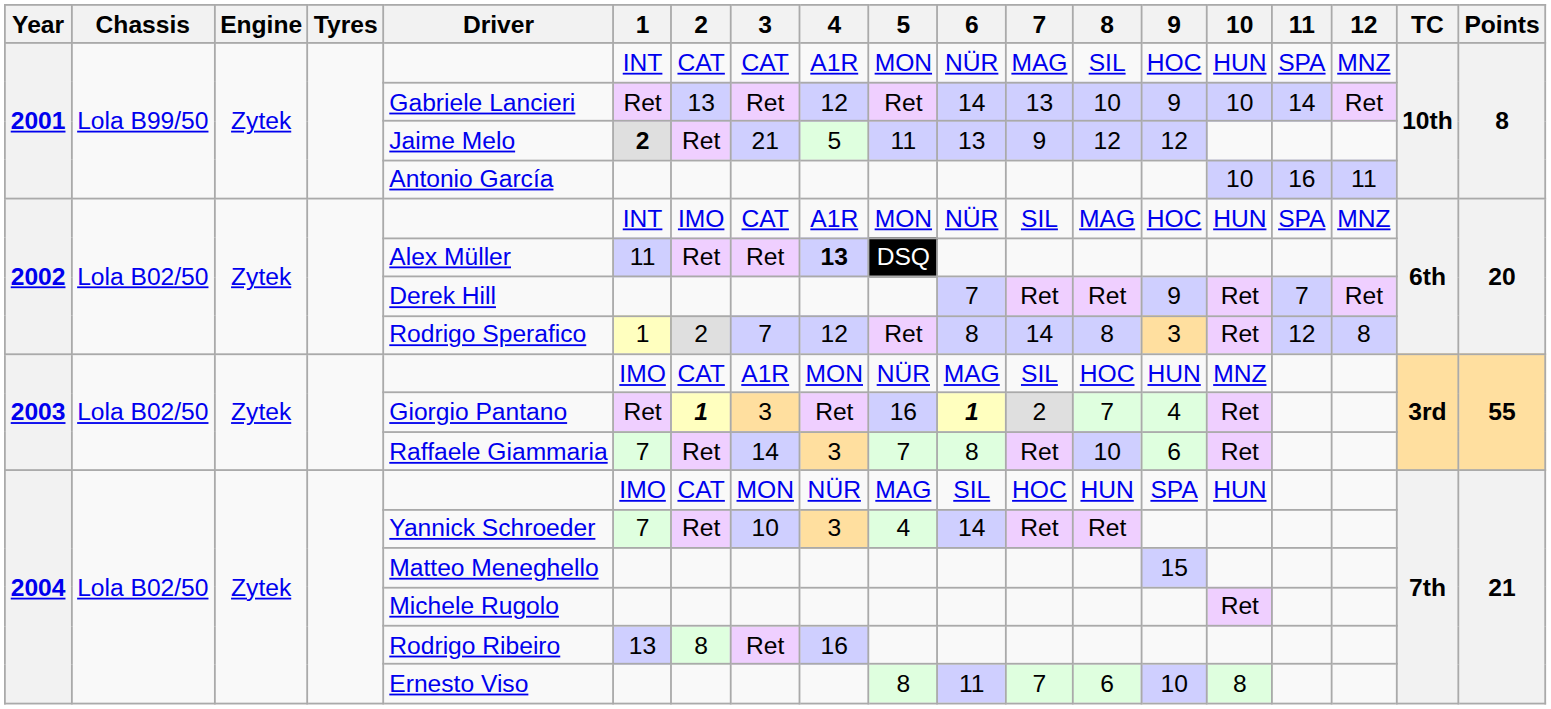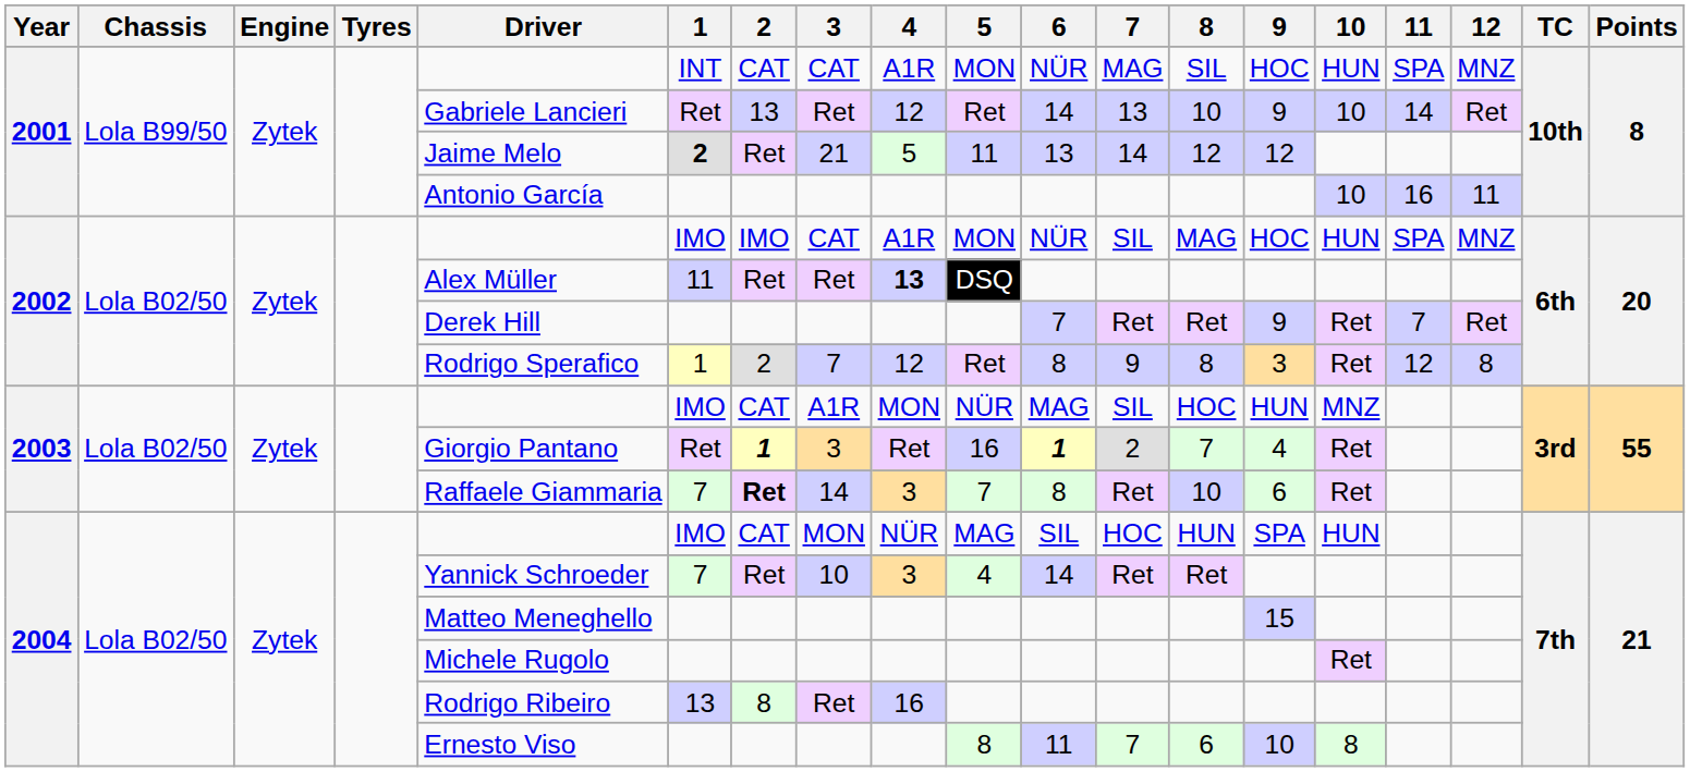 <table class="wikitable" style="text-align:center; font-size:85%">
 <tr>
 <th>Year</th>
 <th>Chassis</th>
 <th>Engine</th>
 <th>Tyres</th>
 <th>Driver</th>
 <th>1</th>
 <th>2</th>
 <th>3</th>
 <th>4</th>
 <th>5</th>
 <th>6</th>
 <th>7</th>
 <th>8</th>
 <th>9</th>
 <th>10</th>
 <th>11</th>
 <th>12</th>
 <th>TC</th>
 <th>Points</th>
 </tr>
 <tr>
 <th rowspan="4"><a href='#'>2001</a></th>
 <td rowspan="4"><a href='#'>Lola B99/50</a></td>
 <td rowspan="4"><a href='#'>Zytek</a></td>
 <td rowspan="4"></td>
 <td></td>
 <td><a href='#'>INT</a></td>
 <td><a href='#'>CAT</a></td>
 <td><a href='#'>CAT</a></td>
 <td><a href='#'>A1R</a></td>
 <td><a href='#'>MON</a></td>
 <td><a href='#'>NÜR</a></td>
 <td><a href='#'>MAG</a></td>
 <td><a href='#'>SIL</a></td>
 <td><a href='#'>HOC</a></td>
 <td><a href='#'>HUN</a></td>
 <td><a href='#'>SPA</a></td>
 <td><a href='#'>MNZ</a></td>
 <th rowspan="4">10th</th>
 <th rowspan="4">8</th>
 </tr>
 <tr>
 <td align="left"> <a href='#'>Gabriele Lancieri</a></td>
 <td style="background:#EFCFFF;">Ret</td>
 <td style="background:#CFCFFF;">13</td>
 <td style="background:#EFCFFF;">Ret</td>
 <td style="background:#CFCFFF;">12</td>
 <td style="background:#EFCFFF;">Ret</td>
 <td style="background:#CFCFFF;">14</td>
 <td style="background:#CFCFFF;">13</td>
 <td style="background:#CFCFFF;">10</td>
 <td style="background:#CFCFFF;">9</td>
 <td style="background:#CFCFFF;">10</td>
 <td style="background:#CFCFFF;">14</td>
 <td style="background:#EFCFFF;">Ret</td>
 </tr>
 <tr>
 <td align="left"> <a href='#'>Jaime Melo</a></td>
 <td style="background:#DFDFDF;"><strong>2</strong></td>
 <td style="background:#EFCFFF;">Ret</td>
 <td style="background:#CFCFFF;">21</td>
 <td style="background:#DFFFDF;">5</td>
 <td style="background:#CFCFFF;">11</td>
 <td style="background:#CFCFFF;">13</td>
-<td style="background:#CFCFFF;">9</td>
+<td style="background:#CFCFFF;">14</td>
 <td style="background:#CFCFFF;">12</td>
 <td style="background:#CFCFFF;">12</td>
 <td></td>
 <td></td>
 <td></td>
 </tr>
 <tr>
 <td align="left"> <a href='#'>Antonio García</a></td>
 <td></td>
 <td></td>
 <td></td>
 <td></td>
 <td></td>
 <td></td>
 <td></td>
 <td></td>
 <td></td>
 <td style="background:#CFCFFF;">10</td>
 <td style="background:#CFCFFF;">16</td>
 <td style="background:#CFCFFF;">11</td>
 </tr>
 <tr>
 <th rowspan="4"><a href='#'>2002</a></th>
 <td rowspan="4"><a href='#'>Lola B02/50</a></td>
 <td rowspan="4"><a href='#'>Zytek</a></td>
 <td rowspan="4"></td>
 <td></td>
-<td><a href='#'>INT</a></td>
+<td><a href='#'>IMO</a></td>
 <td><a href='#'>IMO</a></td>
 <td><a href='#'>CAT</a></td>
 <td><a href='#'>A1R</a></td>
 <td><a href='#'>MON</a></td>
 <td><a href='#'>NÜR</a></td>
 <td><a href='#'>SIL</a></td>
 <td><a href='#'>MAG</a></td>
 <td><a href='#'>HOC</a></td>
 <td><a href='#'>HUN</a></td>
 <td><a href='#'>SPA</a></td>
 <td><a href='#'>MNZ</a></td>
 <th rowspan="4">6th</th>
 <th rowspan="4">20</th>
 </tr>
 <tr>
 <td align="left"> <a href='#'>Alex Müller</a></td>
 <td style="background:#CFCFFF;">11</td>
 <td style="background:#EFCFFF;">Ret</td>
 <td style="background:#EFCFFF;">Ret</td>
 <td style="background:#CFCFFF;"><strong>13</strong></td>
 <td style="background:#000000; color:#ffffff">DSQ</td>
 <td></td>
 <td></td>
 <td></td>
 <td></td>
 <td></td>
 <td></td>
 <td></td>
 </tr>
 <tr>
 <td align="left"> <a href='#'>Derek Hill</a></td>
 <td></td>
 <td></td>
 <td></td>
 <td></td>
 <td></td>
 <td style="background:#CFCFFF;">7</td>
 <td style="background:#EFCFFF;">Ret</td>
 <td style="background:#EFCFFF;">Ret</td>
 <td style="background:#CFCFFF;">9</td>
 <td style="background:#EFCFFF;">Ret</td>
 <td style="background:#CFCFFF;">7</td>
 <td style="background:#EFCFFF;">Ret</td>
 </tr>
 <tr>
 <td align="left"> <a href='#'>Rodrigo Sperafico</a></td>
 <td style="background:#FFFFBF;">1</td>
 <td style="background:#DFDFDF;">2</td>
 <td style="background:#CFCFFF;">7</td>
 <td style="background:#CFCFFF;">12</td>
 <td style="background:#EFCFFF;">Ret</td>
 <td style="background:#CFCFFF;">8</td>
-<td style="background:#CFCFFF;">14</td>
+<td style="background:#CFCFFF;">9</td>
 <td style="background:#CFCFFF;">8</td>
 <td style="background:#FFDF9F;">3</td>
 <td style="background:#EFCFFF;">Ret</td>
 <td style="background:#CFCFFF;">12</td>
 <td style="background:#CFCFFF;">8</td>
 </tr>
 <tr>
 <th rowspan="3"><a href='#'>2003</a></th>
 <td rowspan="3"><a href='#'>Lola B02/50</a></td>
 <td rowspan="3"><a href='#'>Zytek</a></td>
 <td rowspan="3"></td>
 <td></td>
 <td><a href='#'>IMO</a></td>
 <td><a href='#'>CAT</a></td>
 <td><a href='#'>A1R</a></td>
 <td><a href='#'>MON</a></td>
 <td><a href='#'>NÜR</a></td>
 <td><a href='#'>MAG</a></td>
 <td><a href='#'>SIL</a></td>
 <td><a href='#'>HOC</a></td>
 <td><a href='#'>HUN</a></td>
 <td><a href='#'>MNZ</a></td>
 <td></td>
 <td></td>
 <th rowspan="3" style="background:#FFDF9F;">3rd</th>
 <th rowspan="3" style="background:#FFDF9F;">55</th>
 </tr>
 <tr>
 <td align="left"> <a href='#'>Giorgio Pantano</a></td>
 <td style="background:#EFCFFF;">Ret</td>
 <td style="background:#FFFFBF;"><strong><em>1</em></strong></td>
 <td style="background:#FFDF9F;">3</td>
 <td style="background:#EFCFFF;">Ret</td>
 <td style="background:#CFCFFF;">16</td>
 <td style="background:#FFFFBF;"><strong><em>1</em></strong></td>
 <td style="background:#DFDFDF;">2</td>
 <td style="background:#DFFFDF;">7</td>
 <td style="background:#DFFFDF;">4</td>
 <td style="background:#EFCFFF;">Ret</td>
 <td></td>
 <td></td>
 </tr>
 <tr>
 <td align="left"> <a href='#'>Raffaele Giammaria</a></td>
 <td style="background:#DFFFDF;">7</td>
-<td style="background:#EFCFFF;">Ret</td>
+<td style="background:#EFCFFF;"><strong>Ret</strong></td>
 <td style="background:#CFCFFF;">14</td>
 <td style="background:#FFDF9F;">3</td>
 <td style="background:#DFFFDF;">7</td>
 <td style="background:#DFFFDF;">8</td>
 <td style="background:#EFCFFF;">Ret</td>
 <td style="background:#CFCFFF;">10</td>
 <td style="background:#DFFFDF;">6</td>
 <td style="background:#EFCFFF;">Ret</td>
 <td></td>
 <td></td>
 </tr>
 <tr>
 <th rowspan="6"><a href='#'>2004</a></th>
 <td rowspan="6"><a href='#'>Lola B02/50</a></td>
 <td rowspan="6"><a href='#'>Zytek</a></td>
 <td rowspan="6"></td>
 <td></td>
 <td><a href='#'>IMO</a></td>
 <td><a href='#'>CAT</a></td>
 <td><a href='#'>MON</a></td>
 <td><a href='#'>NÜR</a></td>
 <td><a href='#'>MAG</a></td>
 <td><a href='#'>SIL</a></td>
 <td><a href='#'>HOC</a></td>
 <td><a href='#'>HUN</a></td>
 <td><a href='#'>SPA</a></td>
 <td><a href='#'>HUN</a></td>
 <td></td>
 <td></td>
 <th rowspan="6">7th</th>
 <th rowspan="6">21</th>
 </tr>
 <tr>
 <td align="left"> <a href='#'>Yannick Schroeder</a></td>
 <td style="background:#DFFFDF;">7</td>
 <td style="background:#EFCFFF;">Ret</td>
 <td style="background:#CFCFFF;">10</td>
 <td style="background:#FFDF9F;">3</td>
 <td style="background:#DFFFDF;">4</td>
 <td style="background:#CFCFFF;">14</td>
 <td style="background:#EFCFFF;">Ret</td>
 <td style="background:#EFCFFF;">Ret</td>
 <td></td>
 <td></td>
 <td></td>
 <td></td>
 </tr>
 <tr>
 <td align="left"> <a href='#'>Matteo Meneghello</a></td>
 <td></td>
 <td></td>
 <td></td>
 <td></td>
 <td></td>
 <td></td>
 <td></td>
 <td></td>
 <td style="background:#CFCFFF;">15</td>
 <td></td>
 <td></td>
 <td></td>
 </tr>
 <tr>
 <td align="left"> <a href='#'>Michele Rugolo</a></td>
 <td></td>
 <td></td>
 <td></td>
 <td></td>
 <td></td>
 <td></td>
 <td></td>
 <td></td>
 <td></td>
 <td style="background:#EFCFFF;">Ret</td>
 <td></td>
 <td></td>
 </tr>
 <tr>
 <td align="left"> <a href='#'>Rodrigo Ribeiro</a></td>
 <td style="background:#CFCFFF;">13</td>
 <td style="background:#DFFFDF;">8</td>
 <td style="background:#EFCFFF;">Ret</td>
 <td style="background:#CFCFFF;">16</td>
 <td></td>
 <td></td>
 <td></td>
 <td></td>
 <td></td>
 <td></td>
 <td></td>
 <td></td>
 </tr>
 <tr>
 <td align="left"> <a href='#'>Ernesto Viso</a></td>
 <td></td>
 <td></td>
 <td></td>
 <td></td>
 <td style="background:#DFFFDF;">8</td>
 <td style="background:#CFCFFF;">11</td>
 <td style="background:#DFFFDF;">7</td>
 <td style="background:#DFFFDF;">6</td>
 <td style="background:#CFCFFF;">10</td>
 <td style="background:#DFFFDF;">8</td>
 <td></td>
 <td></td>
 </tr>
 </table>
